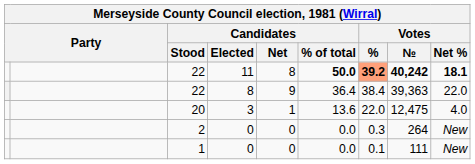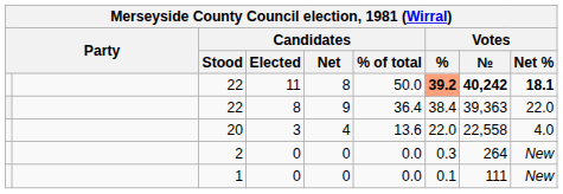 <table class="wikitable" style="font-size:95%">
 <tr>
 <th colspan="16" style="background-color:#f2f2f2">Merseyside County Council election, 1981 (<a href='#'>Wirral</a>)</th>
 </tr>
 <tr style="vertical-align:center;">
 <th colspan="2" rowspan="2">Party</th>
 <th colspan="4" style="width: 30px">Candidates</th>
 <th colspan="3" style="width: 30px">Votes</th>
 </tr>
 <tr>
 <th>Stood</th>
 <th>Elected</th>
 <th style="width: 45px">Net</th>
 <th>% of total</th>
 <th>%</th>
 <th>№</th>
 <th>Net %</th>
 </tr>
 <tr>
 <td style="background-color: "></td>
 <td style="width: 190px"><a href='#'></a></td>
 <td style="text-align:right; ">22</td>
 <td style="text-align:right; ">11</td>
 <td style="text-align:right; "><span>8</span></td>
-<td style="text-align:right; "><strong>50.0</strong></td>
+<td style="text-align:right; ">50.0</td>
 <td style="background: lightsalmon; text-align:right; "><strong>39.2</strong></td>
 <td style="text-align:right; "><strong>40,242</strong></td>
 <td style="text-align:right; "><span><strong>18.1</strong></span></td>
 </tr>
 <tr>
 <th style="background-color: "></th>
 <td style="width: 190px"><a href='#'></a></td>
 <td style="text-align:right; ">22</td>
 <td style="text-align:right; ">8</td>
 <td style="text-align:right; "><span>9</span></td>
 <td style="text-align:right; ">36.4</td>
 <td style="text-align:right; ">38.4</td>
 <td style="text-align:right; ">39,363</td>
 <td style="text-align:right; "><span>22.0</span></td>
 </tr>
 <tr>
 <td style="background-color: "></td>
 <td style="width: 190px"><a href='#'></a></td>
 <td style="text-align:right; ">20</td>
 <td style="text-align:right; ">3</td>
-<td style="text-align:right; "><span>1</span></td>
+<td style="text-align:right; "><span>4</span></td>
 <td style="text-align:right; ">13.6</td>
 <td style="text-align:right; ">22.0</td>
-<td style="text-align:right; ">12,475</td>
+<td style="text-align:right; ">22,558</td>
 <td style="text-align:right; "><span>4.0</span></td>
 </tr>
 <tr>
 <td style="background-color: "></td>
 <td style="width: 190px"><a href='#'></a></td>
 <td style="text-align:right; ">2</td>
 <td style="text-align:right; ">0</td>
 <td style="text-align:right; ">0</td>
 <td style="text-align:right; ">0.0</td>
 <td style="text-align:right; ">0.3</td>
 <td style="text-align:right; ">264</td>
 <td style="text-align:right; "><em>New</em></td>
 </tr>
 <tr>
 <td style="background-color: "></td>
 <td style="width: 190px"><a href='#'></a></td>
 <td style="text-align:right; ">1</td>
 <td style="text-align:right; ">0</td>
 <td style="text-align:right; ">0</td>
 <td style="text-align:right; ">0.0</td>
 <td style="text-align:right; ">0.1</td>
 <td style="text-align:right; ">111</td>
 <td style="text-align:right; "><em>New</em></td>
 </tr>
 </table>
